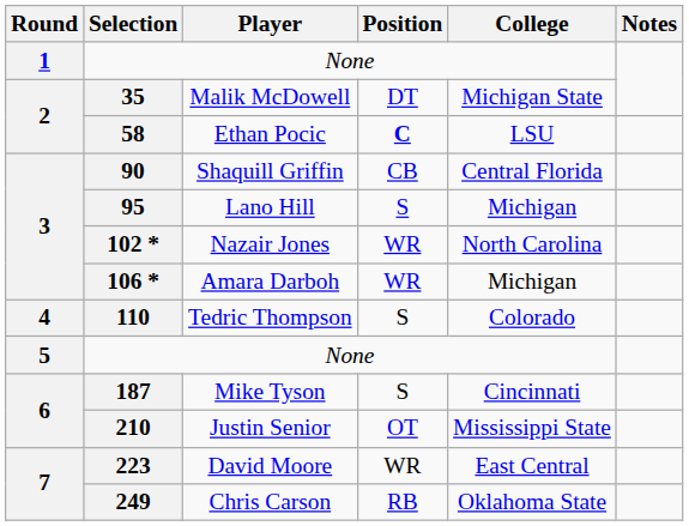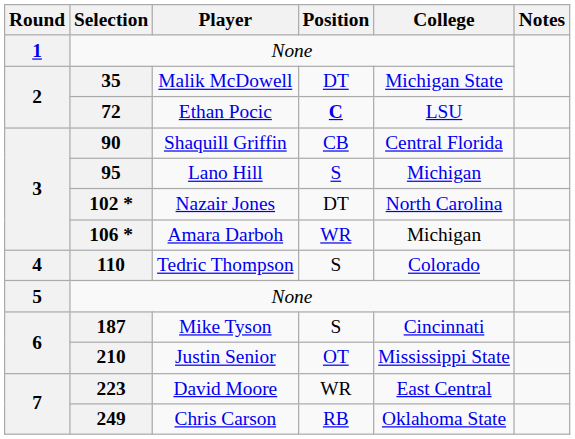 <table class="wikitable" style="text-align:center">
 <tr>
 <th>Round</th>
 <th>Selection</th>
 <th>Player</th>
 <th>Position</th>
 <th>College</th>
 <th>Notes</th>
 </tr>
 <tr>
 <th><a href='#'>1</a></th>
 <td colspan=4 align=center><em>None</em></td>
 <td rowspan=2></td>
 </tr>
 <tr>
 <th rowspan=2>2</th>
 <th>35</th>
 <td><a href='#'>Malik McDowell</a></td>
 <td><a href='#'>DT</a></td>
 <td><a href='#'>Michigan State</a></td>
 </tr>
 <tr>
-<th>58</th>
+<th>72</th>
 <td><a href='#'>Ethan Pocic</a></td>
 <td><strong><a href='#'>C</a></strong></td>
 <td><a href='#'>LSU</a></td>
 <td></td>
 </tr>
 <tr>
 <th rowspan=4>3</th>
 <th>90</th>
 <td><a href='#'>Shaquill Griffin</a></td>
 <td><a href='#'>CB</a></td>
 <td><a href='#'>Central Florida</a></td>
 <td></td>
 </tr>
 <tr>
 <th>95</th>
 <td><a href='#'>Lano Hill</a></td>
 <td><a href='#'>S</a></td>
 <td><a href='#'>Michigan</a></td>
 <td></td>
 </tr>
 <tr>
 <th>102 *</th>
 <td><a href='#'>Nazair Jones</a></td>
-<td><a href='#'>WR</a></td>
+<td>DT</td>
 <td><a href='#'>North Carolina</a></td>
 <td></td>
 </tr>
 <tr>
 <th>106 *</th>
 <td><a href='#'>Amara Darboh</a></td>
 <td><a href='#'>WR</a></td>
 <td>Michigan</td>
 <td></td>
 </tr>
 <tr>
 <th>4</th>
 <th>110</th>
 <td><a href='#'>Tedric Thompson</a></td>
 <td>S</td>
 <td><a href='#'>Colorado</a></td>
 <td> </td>
 </tr>
 <tr>
 <th>5</th>
 <td colspan=4 align=center><em>None</em></td>
 <td></td>
 </tr>
 <tr>
 <th rowspan=2>6</th>
 <th>187</th>
 <td><a href='#'>Mike Tyson</a></td>
 <td>S</td>
 <td><a href='#'>Cincinnati</a></td>
 <td></td>
 </tr>
 <tr>
 <th>210</th>
 <td><a href='#'>Justin Senior</a></td>
 <td><a href='#'>OT</a></td>
 <td><a href='#'>Mississippi State</a></td>
 <td></td>
 </tr>
 <tr>
 <th rowspan=2>7</th>
 <th>223</th>
 <td><a href='#'>David Moore</a></td>
 <td>WR</td>
 <td><a href='#'>East Central</a></td>
 <td></td>
 </tr>
 <tr>
 <th>249</th>
 <td><a href='#'>Chris Carson</a></td>
 <td><a href='#'>RB</a></td>
 <td><a href='#'>Oklahoma State</a></td>
 <td></td>
 </tr>
 </table>
